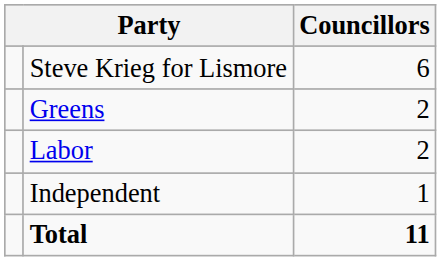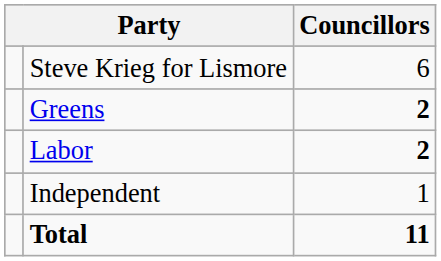 <table class="wikitable">
 <tr>
 <th colspan="2">Party</th>
 <th>Councillors</th>
 </tr>
 <tr>
 <td> </td>
 <td>Steve Krieg for Lismore</td>
 <td align=right>6</td>
 </tr>
 <tr>
 <td> </td>
 <td><a href='#'>Greens</a></td>
-<td align=right>2</td>
+<td align=right><strong>2</strong></td>
 </tr>
 <tr>
 <td> </td>
 <td><a href='#'>Labor</a></td>
-<td align=right>2</td>
+<td align=right><strong>2</strong></td>
 </tr>
 <tr>
 <td> </td>
 <td>Independent</td>
 <td align=right>1</td>
 </tr>
 <tr>
 <td></td>
 <td><strong>Total</strong></td>
 <td align=right><strong>11</strong></td>
 </tr>
 </table>
